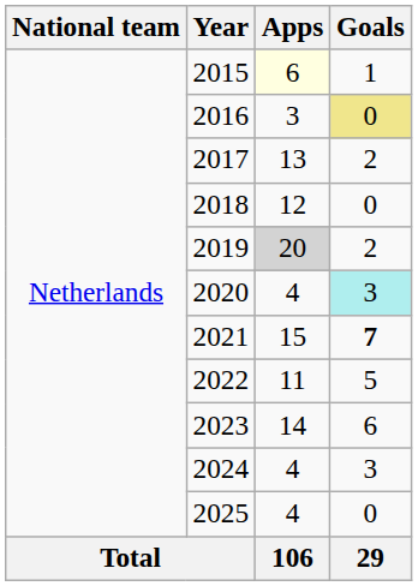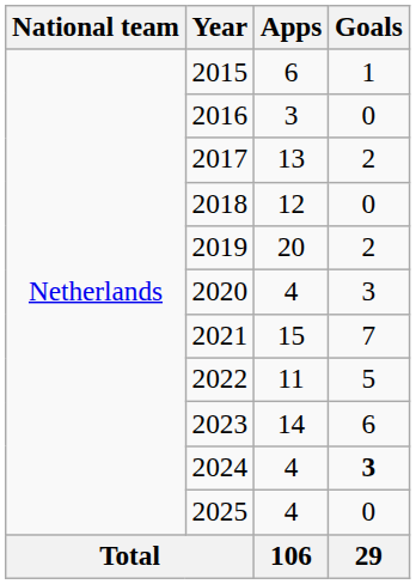 <table class="wikitable" style="text-align:center">
 <tr>
 <th>National team</th>
 <th>Year</th>
 <th>Apps</th>
 <th>Goals</th>
 </tr>
 <tr>
 <td rowspan="11"><a href='#'>Netherlands</a></td>
 <td>2015</td>
-<td style="background: lightyellow;">6</td>
+<td>6</td>
 <td>1</td>
 </tr>
 <tr>
 <td>2016</td>
 <td>3</td>
-<td style="background: khaki;">0</td>
+<td>0</td>
 </tr>
 <tr>
 <td>2017</td>
 <td>13</td>
 <td>2</td>
 </tr>
 <tr>
 <td>2018</td>
 <td>12</td>
 <td>0</td>
 </tr>
 <tr>
 <td>2019</td>
-<td style="background: lightgrey;">20</td>
+<td>20</td>
 <td>2</td>
 </tr>
 <tr>
 <td>2020</td>
 <td>4</td>
-<td style="background: paleturquoise;">3</td>
+<td>3</td>
 </tr>
 <tr>
 <td>2021</td>
 <td>15</td>
-<td><strong>7</strong></td>
+<td>7</td>
 </tr>
 <tr>
 <td>2022</td>
 <td>11</td>
 <td>5</td>
 </tr>
 <tr>
 <td>2023</td>
 <td>14</td>
 <td>6</td>
 </tr>
 <tr>
 <td>2024</td>
 <td>4</td>
-<td>3</td>
+<td><strong>3</strong></td>
 </tr>
 <tr>
 <td>2025</td>
 <td>4</td>
 <td>0</td>
 </tr>
 <tr>
 <th colspan="2">Total</th>
 <th>106</th>
 <th>29</th>
 </tr>
 </table>
